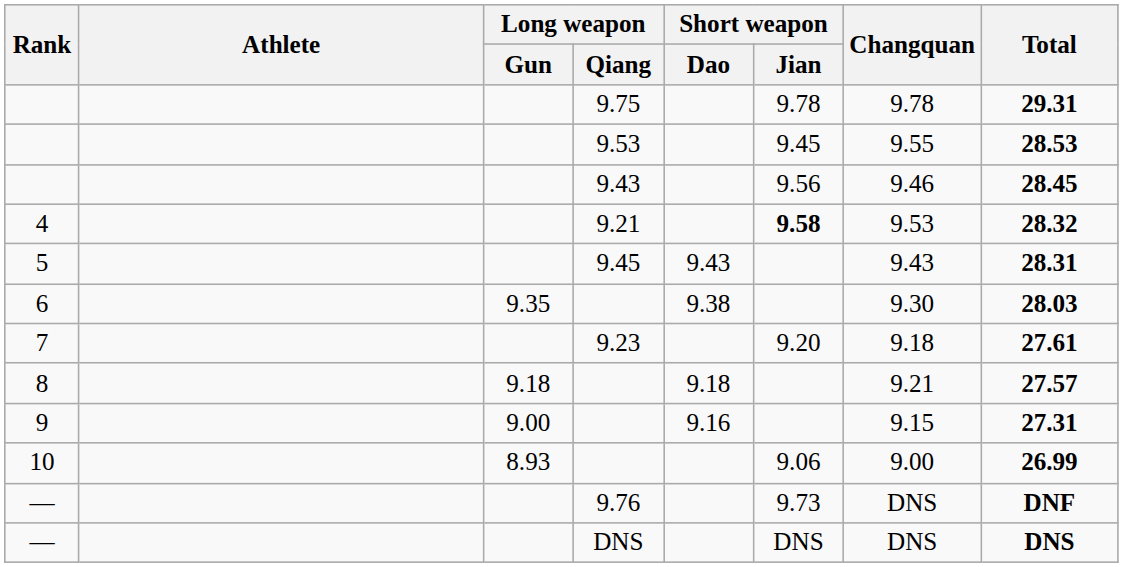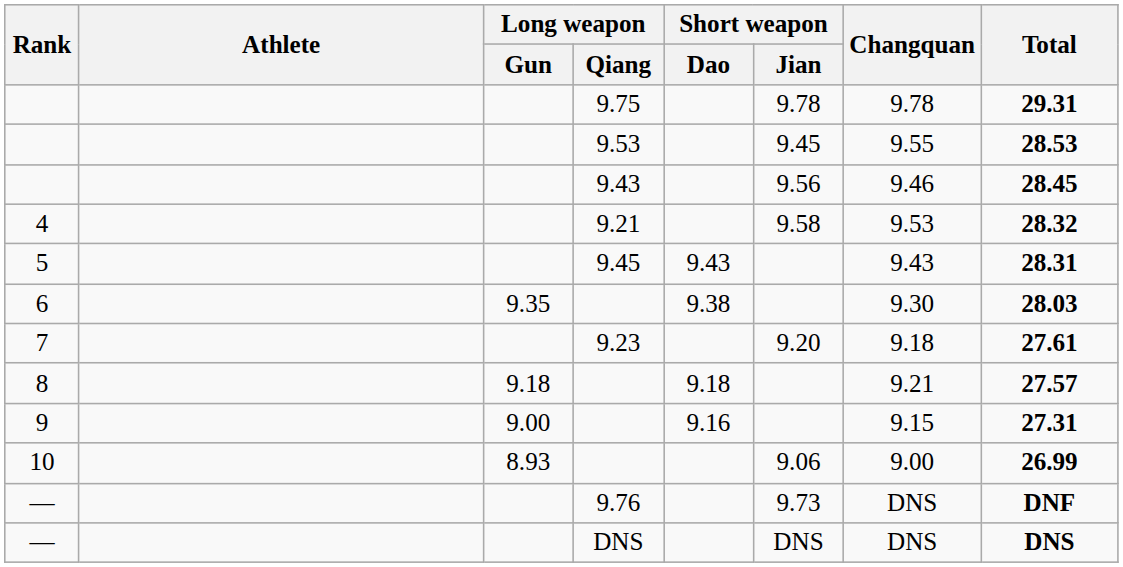 <table class=wikitable style="text-align:center">
 <tr>
 <th rowspan=2 width=40>Rank</th>
 <th rowspan=2 width=250>Athlete</th>
 <th colspan=2>Long weapon</th>
 <th colspan=2>Short weapon</th>
 <th rowspan=2 width=80>Changquan</th>
 <th rowspan=2 width=80>Total</th>
 </tr>
 <tr>
 <th width=50>Gun</th>
 <th width=50>Qiang</th>
 <th width=50>Dao</th>
 <th width=50>Jian</th>
 </tr>
 <tr>
 <td></td>
 <td align=left></td>
 <td></td>
 <td>9.75</td>
 <td></td>
 <td>9.78</td>
 <td>9.78</td>
 <td><strong>29.31</strong></td>
 </tr>
 <tr>
 <td></td>
 <td align=left></td>
 <td></td>
 <td>9.53</td>
 <td></td>
 <td>9.45</td>
 <td>9.55</td>
 <td><strong>28.53</strong></td>
 </tr>
 <tr>
 <td></td>
 <td align=left></td>
 <td></td>
 <td>9.43</td>
 <td></td>
 <td>9.56</td>
 <td>9.46</td>
 <td><strong>28.45</strong></td>
 </tr>
 <tr>
 <td>4</td>
 <td align=left></td>
 <td></td>
 <td>9.21</td>
 <td></td>
-<td><strong>9.58</strong></td>
+<td>9.58</td>
 <td>9.53</td>
 <td><strong>28.32</strong></td>
 </tr>
 <tr>
 <td>5</td>
 <td align=left></td>
 <td></td>
 <td>9.45</td>
 <td>9.43</td>
 <td></td>
 <td>9.43</td>
 <td><strong>28.31</strong></td>
 </tr>
 <tr>
 <td>6</td>
 <td align=left></td>
 <td>9.35</td>
 <td></td>
 <td>9.38</td>
 <td></td>
 <td>9.30</td>
 <td><strong>28.03</strong></td>
 </tr>
 <tr>
 <td>7</td>
 <td align=left></td>
 <td></td>
 <td>9.23</td>
 <td></td>
 <td>9.20</td>
 <td>9.18</td>
 <td><strong>27.61</strong></td>
 </tr>
 <tr>
 <td>8</td>
 <td align=left></td>
 <td>9.18</td>
 <td></td>
 <td>9.18</td>
 <td></td>
 <td>9.21</td>
 <td><strong>27.57</strong></td>
 </tr>
 <tr>
 <td>9</td>
 <td align=left></td>
 <td>9.00</td>
 <td></td>
 <td>9.16</td>
 <td></td>
 <td>9.15</td>
 <td><strong>27.31</strong></td>
 </tr>
 <tr>
 <td>10</td>
 <td align=left></td>
 <td>8.93</td>
 <td></td>
 <td></td>
 <td>9.06</td>
 <td>9.00</td>
 <td><strong>26.99</strong></td>
 </tr>
 <tr>
 <td>—</td>
 <td align=left></td>
 <td></td>
 <td>9.76</td>
 <td></td>
 <td>9.73</td>
 <td>DNS</td>
 <td><strong>DNF</strong></td>
 </tr>
 <tr>
 <td>—</td>
 <td align=left></td>
 <td></td>
 <td>DNS</td>
 <td></td>
 <td>DNS</td>
 <td>DNS</td>
 <td><strong>DNS</strong></td>
 </tr>
 </table>
